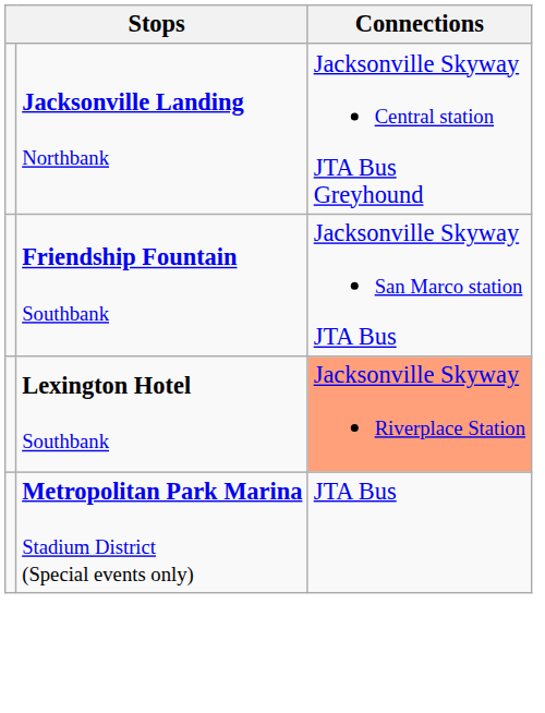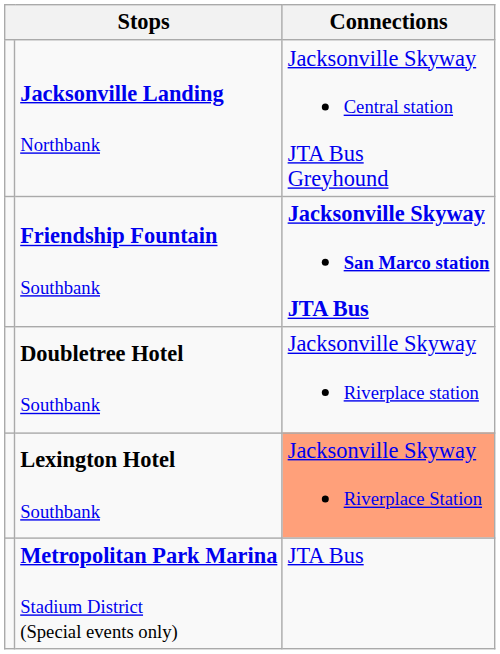 <table class=wikitable>
 <tr>
 <th colspan=2>Stops</th>
 <th>Connections</th>
 </tr>
 <tr>
 <td></td>
 <td><strong><a href='#'>Jacksonville Landing</a></strong><br><br><small><a href='#'>Northbank</a> </small></td>
 <td valign=top> <a href='#'>Jacksonville Skyway</a><br><ul><li><small><a href='#'>Central station</a></small></li></ul> <a href='#'>JTA Bus</a><br>  <a href='#'>Greyhound</a></td>
 </tr>
 <tr>
 <td></td>
 <td><strong><a href='#'>Friendship Fountain</a></strong><br><br><small><a href='#'>Southbank</a> </small></td>
-<td valign=top> <a href='#'>Jacksonville Skyway</a><br><ul><li><small><a href='#'>San Marco station</a></small></li></ul> <a href='#'>JTA Bus</a></td>
+<td valign=top><strong> <a href='#'>Jacksonville Skyway</a><br><ul><li><small><a href='#'>San Marco station</a></small></li></ul> <a href='#'>JTA Bus</a></strong></td>
+</tr>
+<tr>
+<td></td>
+<td><strong>Doubletree Hotel</strong><br><br><small><a href='#'>Southbank</a> </small></td>
+<td valign=top> <a href='#'>Jacksonville Skyway</a><br><ul><li><small><a href='#'>Riverplace station</a></small></li></ul></td>
 </tr>
 <tr>
 <td></td>
 <td><strong>Lexington Hotel</strong><br><br><small><a href='#'>Southbank</a> </small></td>
 <td valign=top style="background: lightsalmon;"> <a href='#'>Jacksonville Skyway</a><br><ul><li><small><a href='#'>Riverplace Station</a></small></li></ul></td>
 </tr>
 <tr>
 <td></td>
 <td><strong><a href='#'>Metropolitan Park Marina</a></strong><br><br><small><a href='#'>Stadium District</a> </small><br> <small>(Special events only)</small></td>
 <td valign=top> <a href='#'>JTA Bus</a></td>
 </tr>
 </table>
